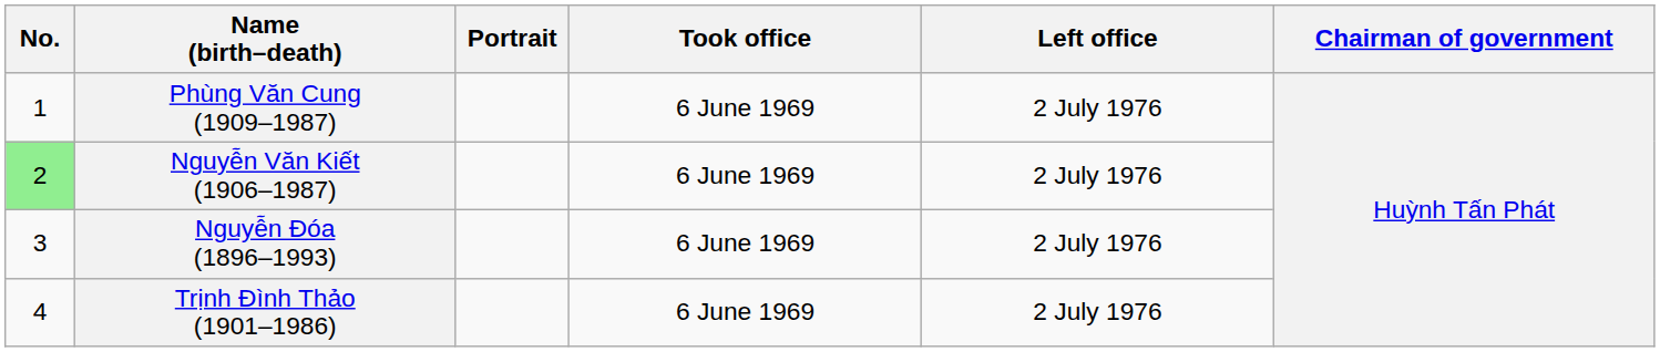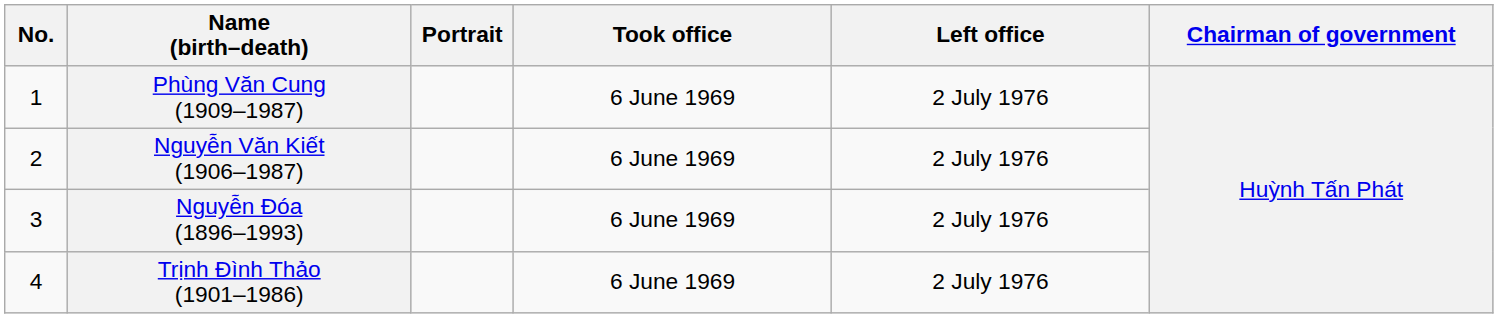 <table class="wikitable" width=83%>
 <tr>
 <th scope="col" style="width:2em;">No.<br></th>
 <th scope="col" style="width:13em;">Name<br>(birth–death)</th>
 <th scope="col" style="width:1em;">Portrait</th>
 <th scope="col" style="width:12em;">Took office</th>
 <th scope="col" style="width:12em;">Left office</th>
 <th scope="col" style="width:13em;"><a href='#'>Chairman of government</a></th>
 </tr>
 <tr>
 <td align="center">1</td>
 <th align="center" scope="row" style="font-weight:normal;"><a href='#'>Phùng Văn Cung</a><br>(1909–1987)</th>
 <td align="center"></td>
 <td align="center">6 June 1969</td>
 <td align="center">2 July 1976</td>
 <th rowspan="4" align="center" scope="row" style="font-weight:normal;"><a href='#'>Huỳnh Tấn Phát</a></th>
 </tr>
 <tr>
-<td align="center" style="background: lightgreen;">2</td>
+<td align="center">2</td>
 <th align="center" scope="row" style="font-weight:normal;"><a href='#'>Nguyễn Văn Kiết</a><br>(1906–1987)</th>
 <td align="center"></td>
 <td align="center">6 June 1969</td>
 <td align="center">2 July 1976</td>
 </tr>
 <tr>
 <td align="center">3</td>
 <th align="center" scope="row" style="font-weight:normal;"><a href='#'>Nguyễn Đóa</a><br>(1896–1993)</th>
 <td align="center"></td>
 <td align="center">6 June 1969</td>
 <td align="center">2 July 1976</td>
 </tr>
 <tr>
 <td align="center">4</td>
 <th align="center" scope="row" style="font-weight:normal;"><a href='#'>Trịnh Đình Thảo</a><br>(1901–1986)</th>
 <td align="center"></td>
 <td align="center">6 June 1969</td>
 <td align="center">2 July 1976</td>
 </tr>
 </table>
